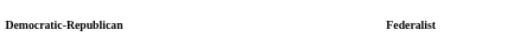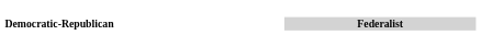 <table style="width:60em; text-align:center;">
 <tr style="color:white;">
 <td style="background:"><strong>102</strong></td>
 <td style="background:"><strong>40</strong></td>
 </tr>
 <tr>
 <td><span><strong>Democratic-Republican</strong></span></td>
-<td><span><strong>Federalist</strong></span></td>
+<td style="background: lightgrey;"><span><strong>Federalist</strong></span></td>
 </tr>
 </table>
